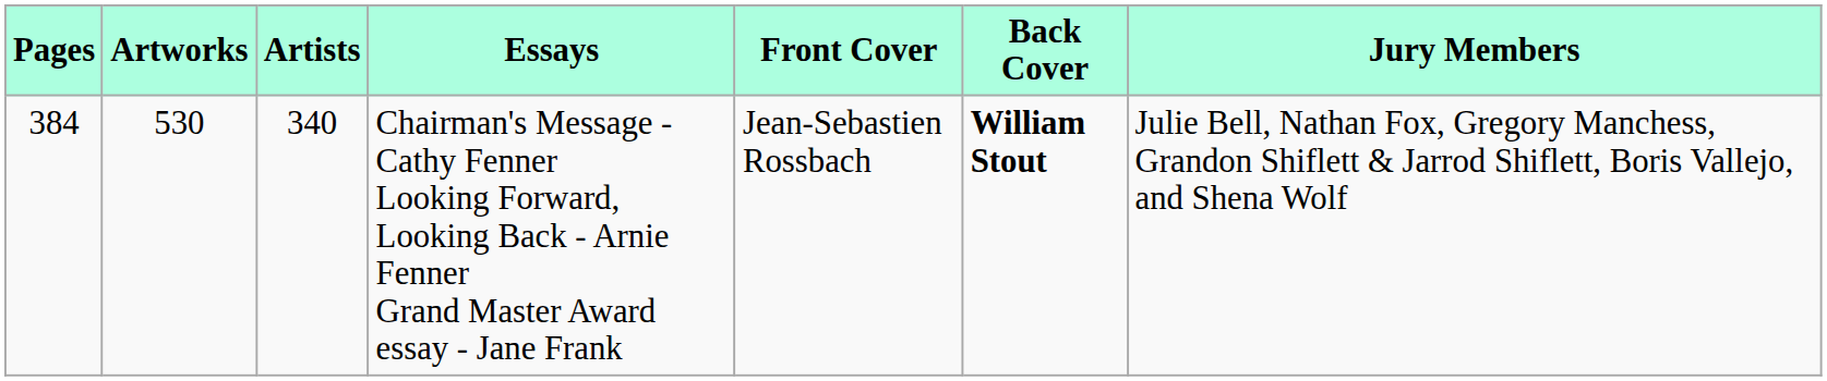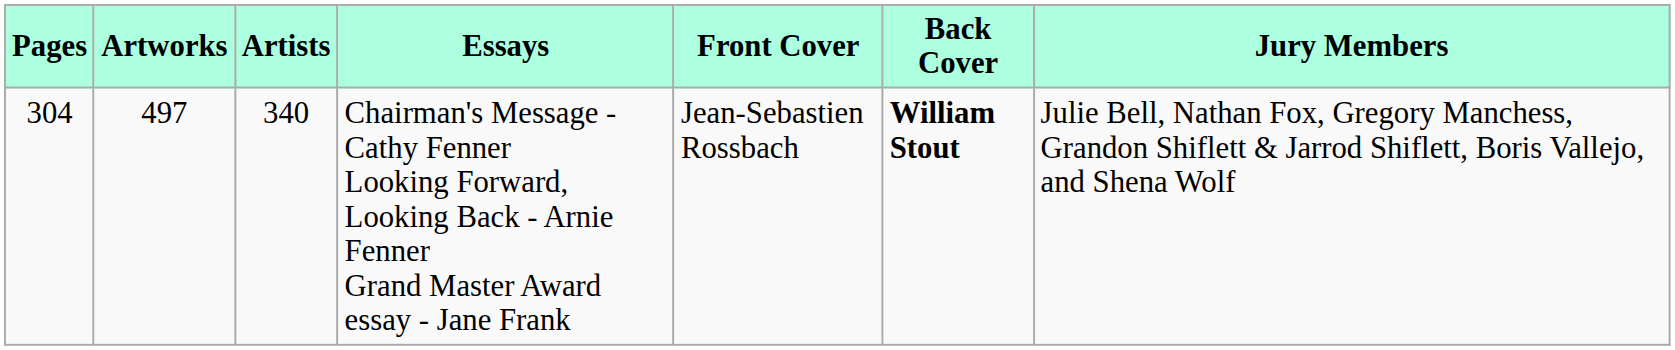 <table class="wikitable">
 <tr>
 <th style="background:#acffdf">Pages</th>
 <th style="background:#acffdf">Artworks</th>
 <th style="background:#acffdf">Artists</th>
 <th style="background:#acffdf">Essays</th>
 <th style="background:#acffdf">Front Cover</th>
 <th style="background:#acffdf">Back Cover</th>
 <th style="background:#acffdf">Jury Members</th>
 </tr>
 <tr valign="top">
-<td align="center">384</td>
-<td align="center">530</td>
+<td align="center">304</td>
+<td align="center">497</td>
 <td align="center">340</td>
 <td>Chairman's Message - Cathy Fenner<br>Looking Forward, Looking Back - Arnie Fenner<br>Grand Master Award essay - Jane Frank</td>
 <td>Jean-Sebastien Rossbach</td>
 <td><strong>William Stout</strong></td>
 <td>Julie Bell, Nathan Fox, Gregory Manchess, Grandon Shiflett & Jarrod Shiflett, Boris Vallejo, and Shena Wolf</td>
 </tr>
 </table>
